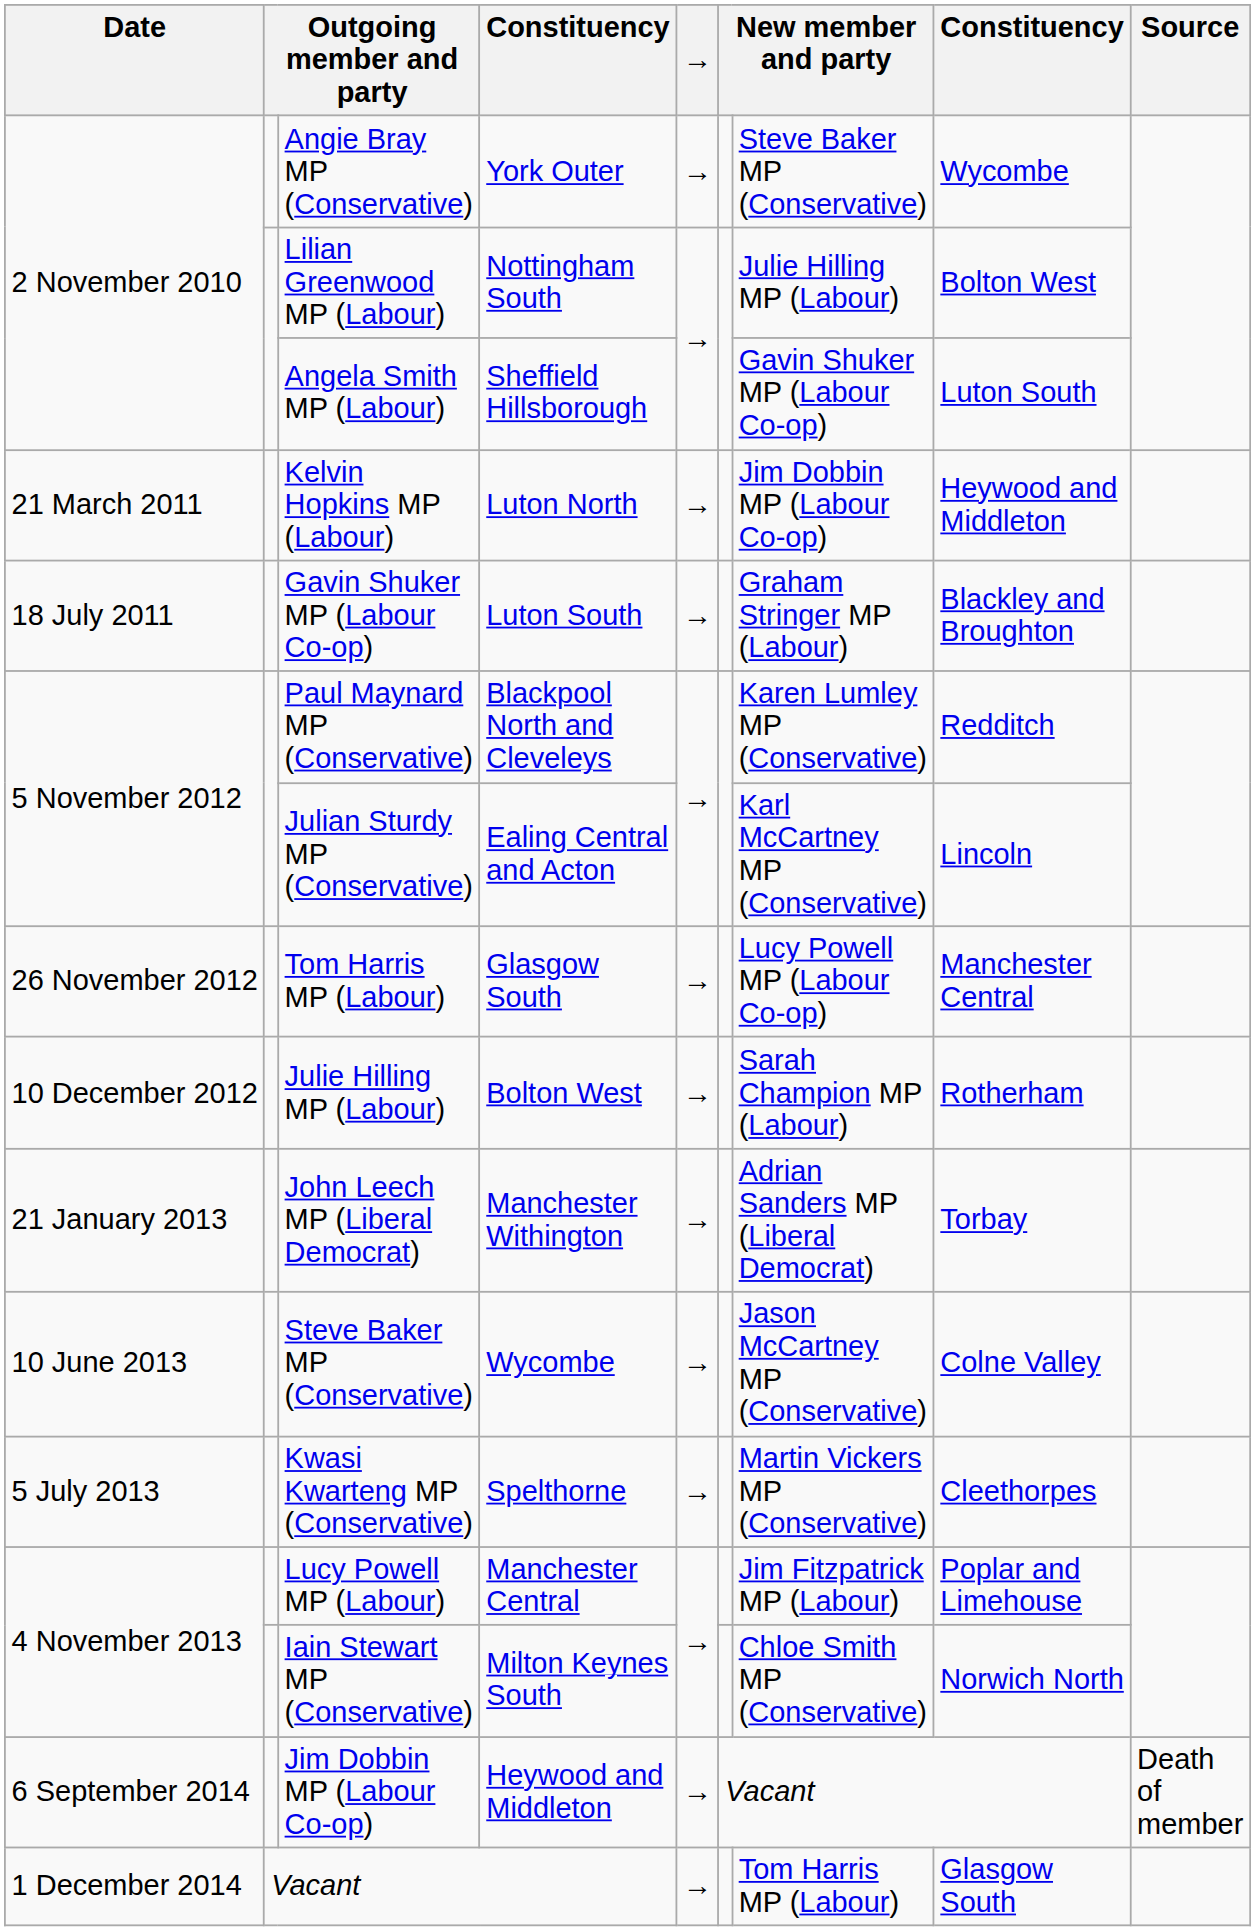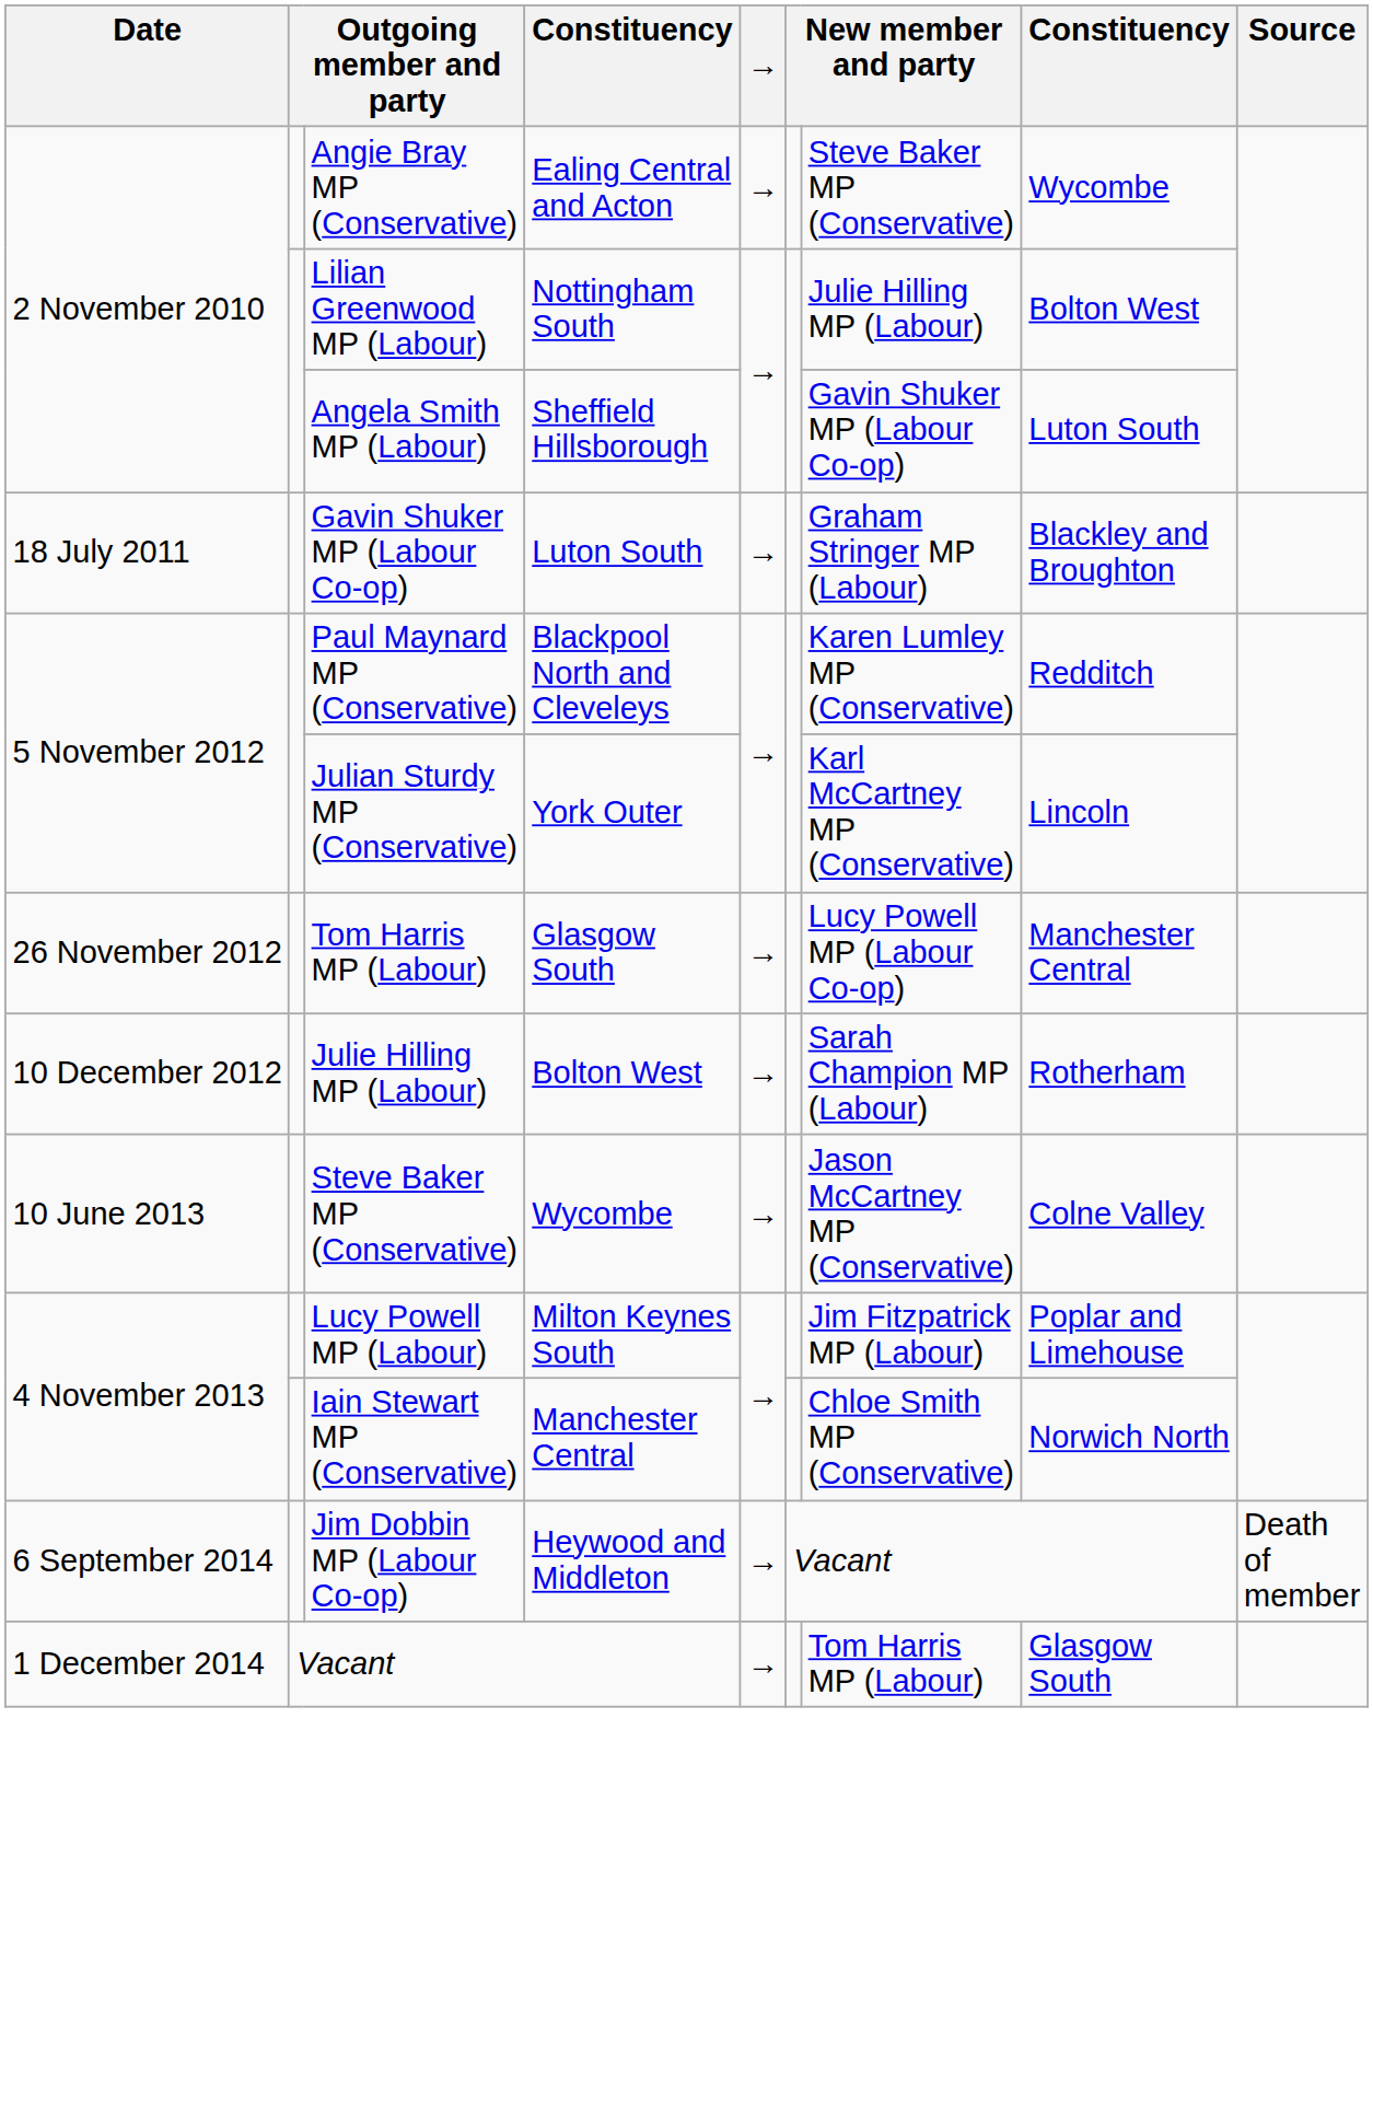 <table class="wikitable">
 <tr>
 <th valign="top">Date</th>
 <th colspan="2" valign="top">Outgoing member and party</th>
 <th valign="top">Constituency</th>
 <th>→</th>
 <th colspan="2" valign="top">New member and party</th>
 <th valign="top">Constituency</th>
 <th valign="top">Source</th>
 </tr>
 <tr>
 <td rowspan=3 nowrap>2 November 2010</td>
 <td style="color:inherit;background:"></td>
 <td><a href='#'>Angie Bray</a> MP (<a href='#'>Conservative</a>)</td>
-<td><a href='#'>York Outer</a></td>
+<td><a href='#'>Ealing Central and Acton</a></td>
 <td>→</td>
 <td style="color:inherit;background:"></td>
 <td><a href='#'>Steve Baker</a> MP (<a href='#'>Conservative</a>)</td>
 <td><a href='#'>Wycombe</a></td>
 <td rowspan=3></td>
 </tr>
 <tr>
 <td rowspan=2 style="color:inherit;background:"></td>
 <td><a href='#'>Lilian Greenwood</a> MP (<a href='#'>Labour</a>)</td>
 <td><a href='#'>Nottingham South</a></td>
 <td rowspan=2>→</td>
 <td rowspan=2 style="color:inherit;background:"></td>
 <td><a href='#'>Julie Hilling</a> MP (<a href='#'>Labour</a>)</td>
 <td><a href='#'>Bolton West</a></td>
 </tr>
 <tr>
 <td><a href='#'>Angela Smith</a> MP (<a href='#'>Labour</a>)</td>
 <td><a href='#'>Sheffield Hillsborough</a></td>
 <td><a href='#'>Gavin Shuker</a> MP (<a href='#'>Labour</a> <a href='#'>Co-op</a>)</td>
 <td><a href='#'>Luton South</a></td>
-</tr>
-<tr>
-<td>21 March 2011</td>
-<td style="color:inherit;background:"></td>
-<td><a href='#'>Kelvin Hopkins</a> MP (<a href='#'>Labour</a>)</td>
-<td><a href='#'>Luton North</a></td>
-<td>→</td>
-<td style="color:inherit;background:"></td>
-<td><a href='#'>Jim Dobbin</a> MP (<a href='#'>Labour</a> <a href='#'>Co-op</a>)</td>
-<td><a href='#'>Heywood and Middleton</a></td>
-<td></td>
 </tr>
 <tr>
 <td>18 July 2011</td>
 <td style="color:inherit;background:"></td>
 <td><a href='#'>Gavin Shuker</a> MP (<a href='#'>Labour</a> <a href='#'>Co-op</a>)</td>
 <td><a href='#'>Luton South</a></td>
 <td>→</td>
 <td style="color:inherit;background:"></td>
 <td><a href='#'>Graham Stringer</a> MP (<a href='#'>Labour</a>)</td>
 <td><a href='#'>Blackley and Broughton</a></td>
 <td></td>
 </tr>
 <tr>
 <td rowspan=2>5 November 2012</td>
 <td rowspan=2 style="color:inherit;background:"></td>
 <td><a href='#'>Paul Maynard</a> MP (<a href='#'>Conservative</a>)</td>
 <td><a href='#'>Blackpool North and Cleveleys</a></td>
 <td rowspan=2>→</td>
 <td rowspan=2 style="color:inherit;background:"></td>
 <td><a href='#'>Karen Lumley</a> MP (<a href='#'>Conservative</a>)</td>
 <td><a href='#'>Redditch</a></td>
 <td rowspan=2></td>
 </tr>
 <tr>
 <td><a href='#'>Julian Sturdy</a> MP (<a href='#'>Conservative</a>)</td>
-<td><a href='#'>Ealing Central and Acton</a></td>
+<td><a href='#'>York Outer</a></td>
 <td><a href='#'>Karl McCartney</a> MP (<a href='#'>Conservative</a>)</td>
 <td><a href='#'>Lincoln</a></td>
 </tr>
 <tr>
 <td nowrap>26 November 2012</td>
 <td style="color:inherit;background:"></td>
 <td><a href='#'>Tom Harris</a> MP (<a href='#'>Labour</a>)</td>
 <td><a href='#'>Glasgow South</a></td>
 <td>→</td>
 <td style="color:inherit;background:"></td>
 <td><a href='#'>Lucy Powell</a> MP (<a href='#'>Labour</a> <a href='#'>Co-op</a>)</td>
 <td><a href='#'>Manchester Central</a></td>
 <td></td>
 </tr>
 <tr>
 <td>10 December 2012</td>
 <td style="color:inherit;background:"></td>
 <td><a href='#'>Julie Hilling</a> MP (<a href='#'>Labour</a>)</td>
 <td><a href='#'>Bolton West</a></td>
 <td>→</td>
 <td style="color:inherit;background:"></td>
 <td><a href='#'>Sarah Champion</a> MP (<a href='#'>Labour</a>)</td>
 <td><a href='#'>Rotherham</a></td>
 <td></td>
 </tr>
 <tr>
-<td>21 January 2013</td>
-<td style="color:inherit;background:"></td>
-<td><a href='#'>John Leech</a> MP (<a href='#'>Liberal Democrat</a>)</td>
-<td><a href='#'>Manchester Withington</a></td>
-<td>→</td>
-<td style="color:inherit;background:"></td>
-<td><a href='#'>Adrian Sanders</a> MP (<a href='#'>Liberal Democrat</a>)</td>
-<td><a href='#'>Torbay</a></td>
-<td></td>
-</tr>
-<tr>
 <td>10 June 2013</td>
 <td style="color:inherit;background:"></td>
 <td><a href='#'>Steve Baker</a> MP (<a href='#'>Conservative</a>)</td>
 <td><a href='#'>Wycombe</a></td>
 <td>→</td>
 <td style="color:inherit;background:"></td>
 <td><a href='#'>Jason McCartney</a> MP (<a href='#'>Conservative</a>)</td>
 <td><a href='#'>Colne Valley</a></td>
 <td></td>
 </tr>
 <tr>
-<td>5 July 2013</td>
-<td style="color:inherit;background:"></td>
-<td><a href='#'>Kwasi Kwarteng</a> MP (<a href='#'>Conservative</a>)</td>
-<td><a href='#'>Spelthorne</a></td>
-<td>→</td>
-<td style="color:inherit;background:"></td>
-<td><a href='#'>Martin Vickers</a> MP (<a href='#'>Conservative</a>)</td>
-<td><a href='#'>Cleethorpes</a></td>
-<td></td>
-</tr>
-<tr>
 <td rowspan=2>4 November 2013</td>
 <td style="color:inherit;background:"></td>
 <td><a href='#'>Lucy Powell</a> MP (<a href='#'>Labour</a>)</td>
-<td><a href='#'>Manchester Central</a></td>
+<td><a href='#'>Milton Keynes South</a></td>
 <td rowspan=2>→</td>
 <td style="color:inherit;background:"></td>
 <td><a href='#'>Jim Fitzpatrick</a> MP (<a href='#'>Labour</a>)</td>
 <td><a href='#'>Poplar and Limehouse</a></td>
 <td rowspan=2></td>
 </tr>
 <tr>
 <td style="color:inherit;background:"></td>
 <td><a href='#'>Iain Stewart</a> MP (<a href='#'>Conservative</a>)</td>
-<td><a href='#'>Milton Keynes South</a></td>
+<td><a href='#'>Manchester Central</a></td>
 <td style="color:inherit;background:"></td>
 <td><a href='#'>Chloe Smith</a> MP (<a href='#'>Conservative</a>)</td>
 <td><a href='#'>Norwich North</a></td>
 </tr>
 <tr>
 <td>6 September 2014</td>
 <td style="color:inherit;background:"></td>
 <td><a href='#'>Jim Dobbin</a> MP (<a href='#'>Labour</a> <a href='#'>Co-op</a>)</td>
 <td><a href='#'>Heywood and Middleton</a></td>
 <td>→</td>
 <td colspan=3><em>Vacant</em></td>
 <td>Death of member</td>
 </tr>
 <tr>
 <td>1 December 2014</td>
 <td colspan=3><em>Vacant</em></td>
 <td>→</td>
 <td style="color:inherit;background:"></td>
 <td><a href='#'>Tom Harris</a> MP (<a href='#'>Labour</a>)</td>
 <td><a href='#'>Glasgow South</a></td>
 <td></td>
 </tr>
 </table>
